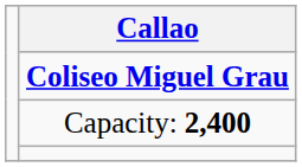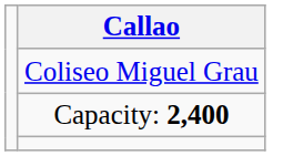 <table class="wikitable floatleft" style="text-align:center";>
 <tr>
 <td rowspan=4></td>
 <th><a href='#'>Callao</a></th>
 </tr>
 <tr>
-<td><strong><a href='#'>Coliseo Miguel Grau</a></strong></td>
+<td><a href='#'>Coliseo Miguel Grau</a></td>
 </tr>
 <tr>
 <td>Capacity: <strong>2,400</strong></td>
 </tr>
 <tr>
 <td></td>
 </tr>
 </table>
